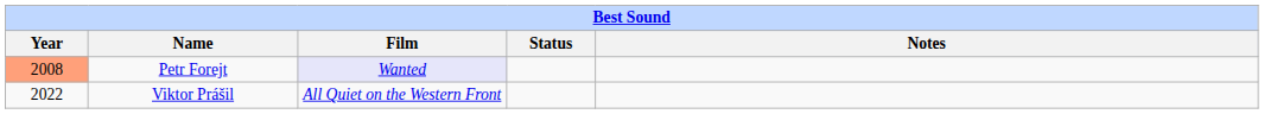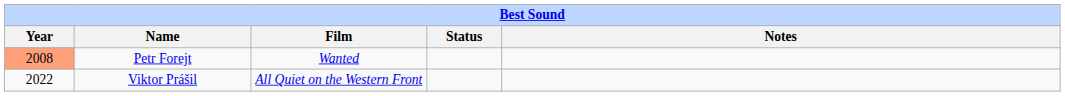 <table class="wikitable" style="text-align: center">
 <tr style="background:#bfd7ff;">
 <td colspan="6" style="text-align:center;"><strong><a href='#'>Best Sound</a></strong></td>
 </tr>
 <tr style="background:#ebf5ff;">
 <th style="width:075px;">Year</th>
 <th style="width:200px;">Name</th>
 <th style="width:200px;">Film</th>
 <th style="width:080px;">Status</th>
 <th style="width:650px;">Notes</th>
 </tr>
 <tr>
 <td style="background: lightsalmon;">2008</td>
 <td><a href='#'>Petr Forejt</a></td>
-<td style="background: lavender;"><em><a href='#'>Wanted</a></em></td>
+<td><em><a href='#'>Wanted</a></em></td>
 <td></td>
 <td></td>
 </tr>
 <tr>
 <td>2022</td>
 <td><a href='#'>Viktor Prášil</a></td>
 <td><em><a href='#'>All Quiet on the Western Front</a></em></td>
 <td></td>
 <td></td>
 </tr>
 </table>
